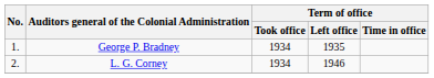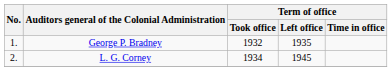 <table class="wikitable" style="text-align:center;">
 <tr style="background:#cccccc">
 <th rowspan=2>No.</th>
 <th rowspan=2>Auditors general of the Colonial Administration</th>
 <th colspan=3>Term of office</th>
 </tr>
 <tr>
 <th>Took office</th>
 <th>Left office</th>
 <th>Time in office</th>
 </tr>
 <tr>
 <td>1.</td>
 <td><a href='#'>George P. Bradney</a></td>
-<td>1934</td>
+<td>1932</td>
 <td>1935</td>
 <td></td>
 </tr>
 <tr>
 <td>2.</td>
 <td><a href='#'>L. G. Corney</a></td>
 <td>1934</td>
-<td>1946</td>
+<td>1945</td>
 <td></td>
 </tr>
 <tr>
 </tr>
 </table>
